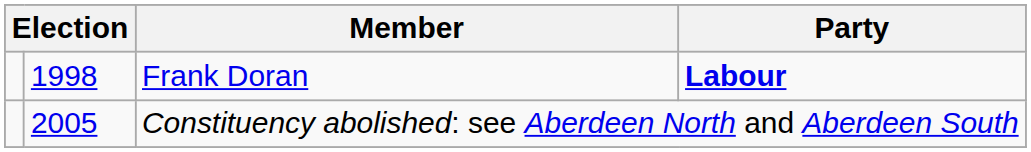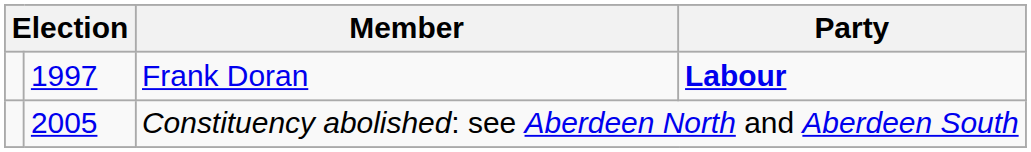 <table class="wikitable">
 <tr>
 <th colspan=2>Election</th>
 <th>Member</th>
 <th>Party</th>
 </tr>
 <tr>
 <td style="color:inherit;background-color: "></td>
-<td><a href='#'>1998</a></td>
+<td><a href='#'>1997</a></td>
 <td><a href='#'>Frank Doran</a></td>
 <td><strong><a href='#'>Labour</a></strong></td>
 </tr>
 <tr>
 <td></td>
 <td><a href='#'>2005</a></td>
 <td colspan=2><em>Constituency abolished</em>: see <em><a href='#'>Aberdeen North</a></em> and <em><a href='#'>Aberdeen South</a></em></td>
 </tr>
 </table>
